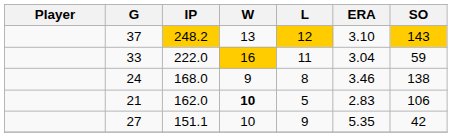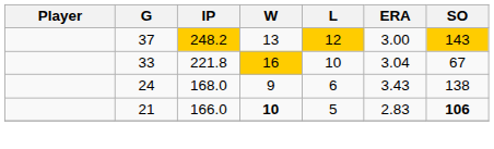 <table class="wikitable sortable">
 <tr>
 <th bgcolor="#DDDDFF" width="16%">Player</th>
 <th bgcolor="#DDDDFF" width="9%">G</th>
 <th bgcolor="#DDDDFF" width="9%">IP</th>
 <th bgcolor="#DDDDFF" width="9%">W</th>
 <th bgcolor="#DDDDFF" width="9%">L</th>
 <th bgcolor="#DDDDFF" width="9%">ERA</th>
 <th bgcolor="#DDDDFF" width="9%">SO</th>
 </tr>
 <tr align="center">
 <td></td>
 <td>37</td>
 <td style="background:#fc0;">248.2</td>
 <td>13</td>
 <td style="background:#fc0;">12</td>
-<td>3.10</td>
+<td>3.00</td>
 <td style="background:#fc0;">143</td>
 </tr>
 <tr align="center">
 <td></td>
 <td>33</td>
-<td>222.0</td>
+<td>221.8</td>
 <td style="background:#fc0;">16</td>
-<td>11</td>
+<td>10</td>
 <td>3.04</td>
-<td>59</td>
+<td>67</td>
 </tr>
 <tr align="center">
 <td></td>
 <td>24</td>
 <td>168.0</td>
 <td>9</td>
-<td>8</td>
-<td>3.46</td>
+<td>6</td>
+<td>3.43</td>
 <td>138</td>
 </tr>
 <tr align="center">
 <td></td>
 <td>21</td>
-<td>162.0</td>
+<td>166.0</td>
 <td><strong>10</strong></td>
 <td>5</td>
 <td>2.83</td>
-<td>106</td>
-</tr>
-<tr align="center">
-<td></td>
-<td>27</td>
-<td>151.1</td>
-<td>10</td>
-<td>9</td>
-<td>5.35</td>
-<td>42</td>
+<td><strong>106</strong></td>
 </tr>
 <tr align="center">
 </tr>
 </table>
